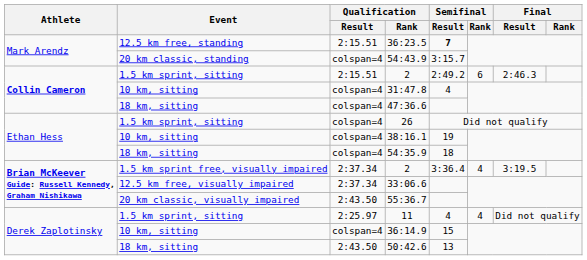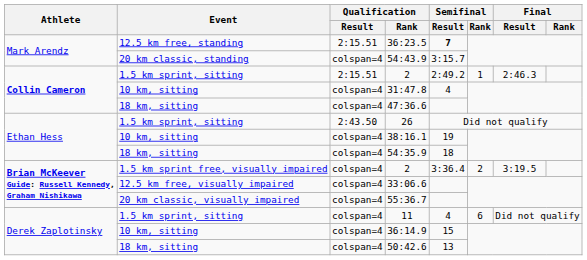 <table class="wikitable" style="font-size:90%">
 <tr>
 <th rowspan=2>Athlete</th>
 <th rowspan=2>Event</th>
 <th colspan=2>Qualification</th>
 <th colspan=2>Semifinal</th>
 <th colspan=2>Final</th>
 </tr>
 <tr style="font-size:95%">
 <th>Result</th>
 <th>Rank</th>
 <th>Result</th>
 <th>Rank</th>
 <th>Result</th>
 <th>Rank</th>
 </tr>
 <tr align=center>
 <td style="text-align:left;" rowspan="2"><a href='#'>Mark Arendz</a></td>
 <td align=left><a href='#'>12.5 km free, standing</a></td>
 <td>2:15.51</td>
 <td>36:23.5</td>
 <td><strong>7</strong></td>
 </tr>
 <tr align=center>
 <td align=left><a href='#'>20 km classic, standing</a></td>
 <td>colspan=4 </td>
 <td>54:43.9</td>
 <td>3:15.7</td>
 </tr>
 <tr align=center>
 <td style="text-align:left;" rowspan="3"><strong><a href='#'>Collin Cameron</a></strong></td>
 <td align=left><a href='#'>1.5 km sprint, sitting</a></td>
 <td>2:15.51</td>
 <td>2</td>
 <td>2:49.2</td>
-<td>6</td>
+<td>1</td>
 <td>2:46.3</td>
 <td></td>
 </tr>
 <tr align=center>
 <td align=left><a href='#'>10 km, sitting</a></td>
 <td>colspan=4 </td>
 <td>31:47.8</td>
 <td>4</td>
 </tr>
 <tr align=center>
 <td align=left><a href='#'>18 km, sitting</a></td>
 <td>colspan=4 </td>
 <td>47:36.6</td>
 <td></td>
 </tr>
 <tr align=center>
 <td style="text-align:left;" rowspan="3"><a href='#'>Ethan Hess</a></td>
 <td align=left><a href='#'>1.5 km sprint, sitting</a></td>
-<td>colspan=4 </td>
+<td>2:43.50</td>
 <td>26</td>
 <td colspan=4>Did not qualify</td>
 </tr>
 <tr align=center>
 <td align=left><a href='#'>10 km, sitting</a></td>
 <td>colspan=4 </td>
 <td>38:16.1</td>
 <td>19</td>
 </tr>
 <tr align=center>
 <td align=left><a href='#'>18 km, sitting</a></td>
 <td>colspan=4 </td>
 <td>54:35.9</td>
 <td>18</td>
 </tr>
 <tr align=center>
 <td style="text-align:left;" rowspan="3"><strong><a href='#'>Brian McKeever</a><br><small><a href='#'>Guide</a>: <a href='#'>Russell Kennedy</a>,<br><a href='#'>Graham Nishikawa</a></small></strong></td>
 <td align=left><a href='#'>1.5 km sprint free, visually impaired</a></td>
-<td>2:37.34</td>
+<td>colspan=4 </td>
 <td>2</td>
 <td>3:36.4</td>
-<td>4</td>
+<td>2</td>
 <td>3:19.5</td>
 <td></td>
 </tr>
 <tr align=center>
 <td align=left><a href='#'>12.5 km free, visually impaired</a></td>
-<td>2:37.34</td>
+<td>colspan=4 </td>
 <td>33:06.6</td>
 <td></td>
 </tr>
 <tr align=center>
 <td align=left><a href='#'>20 km classic, visually impaired</a></td>
-<td>2:43.50</td>
+<td>colspan=4 </td>
 <td>55:36.7</td>
 <td></td>
 </tr>
 <tr align=center>
 <td style="text-align:left;" rowspan="3"><a href='#'>Derek Zaplotinsky</a></td>
 <td align=left><a href='#'>1.5 km sprint, sitting</a></td>
-<td>2:25.97</td>
+<td>colspan=4 </td>
 <td>11</td>
 <td>4</td>
-<td>4</td>
+<td>6</td>
 <td colspan=2>Did not qualify</td>
 </tr>
 <tr align=center>
 <td align=left><a href='#'>10 km, sitting</a></td>
 <td>colspan=4 </td>
 <td>36:14.9</td>
 <td>15</td>
 </tr>
 <tr align=center>
 <td align=left><a href='#'>18 km, sitting</a></td>
-<td>2:43.50</td>
+<td>colspan=4 </td>
 <td>50:42.6</td>
 <td>13</td>
 </tr>
 </table>
